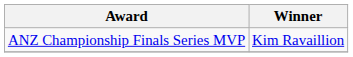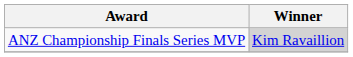 <table class="wikitable collapsible">
 <tr>
 <th>Award</th>
 <th>Winner</th>
 </tr>
 <tr>
 <td><a href='#'>ANZ Championship Finals Series MVP</a></td>
-<td> <a href='#'>Kim Ravaillion</a></td>
+<td style="background: lightgrey;"> <a href='#'>Kim Ravaillion</a></td>
 </tr>
 <tr>
 </tr>
 </table>
